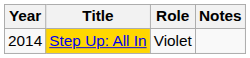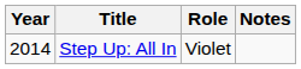 <table class="wikitable">
 <tr>
 <th>Year</th>
 <th>Title</th>
 <th>Role</th>
 <th>Notes</th>
 </tr>
 <tr>
 <td>2014</td>
-<td style="background: gold;"><a href='#'>Step Up: All In</a></td>
+<td><a href='#'>Step Up: All In</a></td>
 <td>Violet</td>
 <td></td>
 </tr>
 </table>
